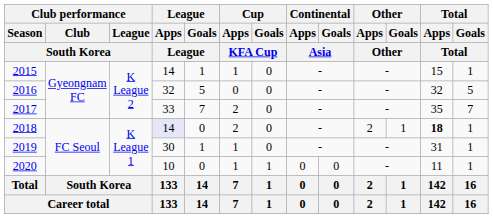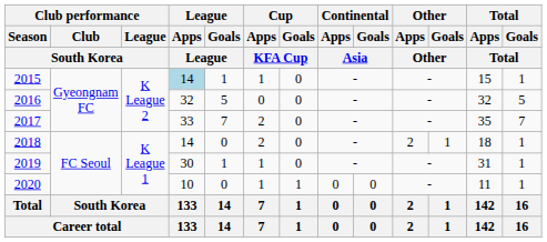 <table class="wikitable" style="text-align:center">
 <tr>
 <th colspan=3>Club performance</th>
 <th colspan=2>League</th>
 <th colspan=2>Cup</th>
 <th colspan=2>Continental</th>
 <th colspan=2>Other</th>
 <th colspan=2>Total</th>
 </tr>
 <tr>
 <th>Season</th>
 <th>Club</th>
 <th>League</th>
 <th>Apps</th>
 <th>Goals</th>
 <th>Apps</th>
 <th>Goals</th>
 <th>Apps</th>
 <th>Goals</th>
 <th>Apps</th>
 <th>Goals</th>
 <th>Apps</th>
 <th>Goals</th>
 </tr>
 <tr>
 <th colspan=3>South Korea</th>
 <th colspan=2>League</th>
 <th colspan=2><a href='#'>KFA Cup</a></th>
 <th colspan=2><a href='#'>Asia</a></th>
 <th colspan=2>Other</th>
 <th colspan=2>Total</th>
 </tr>
 <tr>
 <td><a href='#'>2015</a></td>
 <td rowspan="3"><a href='#'>Gyeongnam FC</a></td>
 <td rowspan="3"><a href='#'>K League 2</a></td>
-<td>14</td>
+<td style="background: lightblue;">14</td>
 <td>1</td>
 <td>1</td>
 <td>0</td>
 <td colspan=2>-</td>
 <td colspan=2>-</td>
 <td>15</td>
 <td>1</td>
 </tr>
 <tr>
 <td><a href='#'>2016</a></td>
 <td>32</td>
 <td>5</td>
 <td>0</td>
 <td>0</td>
 <td colspan="2">-</td>
 <td colspan=2>-</td>
 <td>32</td>
 <td>5</td>
 </tr>
 <tr>
 <td><a href='#'>2017</a></td>
 <td>33</td>
 <td>7</td>
 <td>2</td>
 <td>0</td>
 <td colspan="2">-</td>
 <td colspan=2>-</td>
 <td>35</td>
 <td>7</td>
 </tr>
 <tr>
 <td><a href='#'>2018</a></td>
 <td rowspan=3><a href='#'>FC Seoul</a></td>
 <td rowspan=3><a href='#'>K League 1</a></td>
-<td style="background: lavender;">14</td>
+<td>14</td>
 <td>0</td>
 <td>2</td>
 <td>0</td>
 <td colspan=2>-</td>
 <td>2</td>
 <td>1</td>
-<td><strong>18</strong></td>
+<td>18</td>
 <td>1</td>
 </tr>
 <tr>
 <td><a href='#'>2019</a></td>
 <td>30</td>
 <td>1</td>
 <td>1</td>
 <td>0</td>
 <td colspan=2>-</td>
 <td colspan=2>-</td>
 <td>31</td>
 <td>1</td>
 </tr>
 <tr>
 <td><a href='#'>2020</a></td>
 <td>10</td>
 <td>0</td>
 <td>1</td>
 <td>1</td>
 <td>0</td>
 <td>0</td>
 <td colspan=2>-</td>
 <td>11</td>
 <td>1</td>
 </tr>
 <tr>
 <th>Total</th>
 <th colspan=2>South Korea</th>
 <th>133</th>
 <th>14</th>
 <th>7</th>
 <th>1</th>
 <th>0</th>
 <th>0</th>
 <th>2</th>
 <th>1</th>
 <th>142</th>
 <th>16</th>
 </tr>
 <tr>
 <th colspan=3>Career total</th>
 <th>133</th>
 <th>14</th>
 <th>7</th>
 <th>1</th>
 <th>0</th>
 <th>0</th>
 <th>2</th>
 <th>1</th>
 <th>142</th>
 <th>16</th>
 </tr>
 </table>
